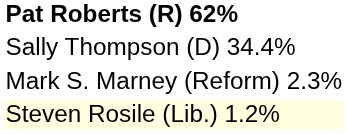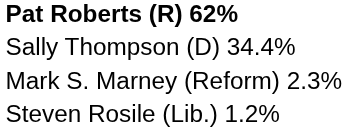 <table>
 <tr>
 <td><strong>Pat Roberts (R) 62%</strong></td>
 </tr>
 <tr>
 <td>Sally Thompson (D) 34.4%</td>
 </tr>
 <tr>
 <td>Mark S. Marney (Reform) 2.3%</td>
 </tr>
 <tr>
-<td style="background: lightyellow;">Steven Rosile (Lib.) 1.2%</td>
+<td>Steven Rosile (Lib.) 1.2%</td>
 </tr>
 </table>
